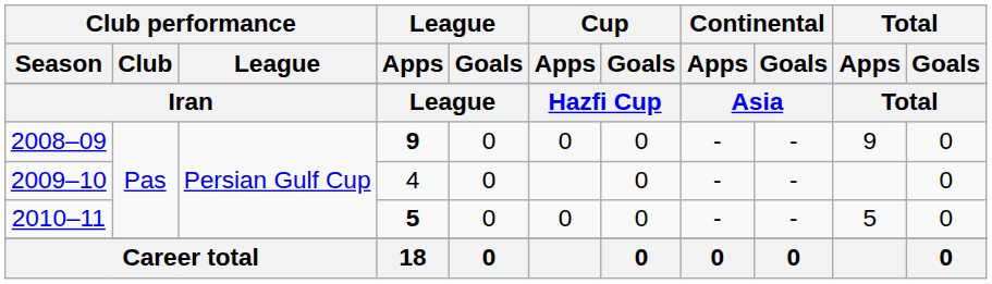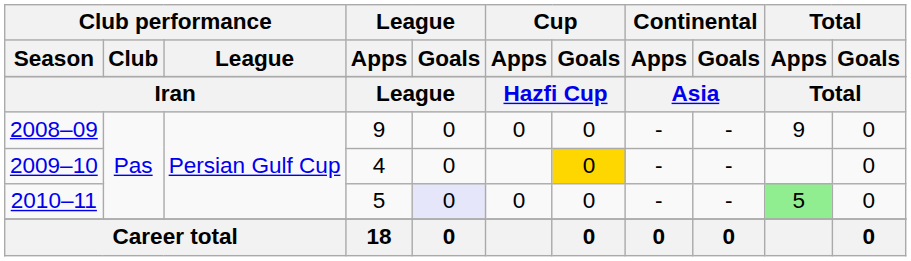 <table class="wikitable" style="text-align:center">
 <tr>
 <th colspan=3>Club performance</th>
 <th colspan=2>League</th>
 <th colspan=2>Cup</th>
 <th colspan=2>Continental</th>
 <th colspan=2>Total</th>
 </tr>
 <tr>
 <th>Season</th>
 <th>Club</th>
 <th>League</th>
 <th>Apps</th>
 <th>Goals</th>
 <th>Apps</th>
 <th>Goals</th>
 <th>Apps</th>
 <th>Goals</th>
 <th>Apps</th>
 <th>Goals</th>
 </tr>
 <tr>
 </tr>
 <tr>
 <th colspan=3>Iran</th>
 <th colspan=2>League</th>
 <th colspan=2><a href='#'>Hazfi Cup</a></th>
 <th colspan=2><a href='#'>Asia</a></th>
 <th colspan=2>Total</th>
 </tr>
 <tr>
 <td><a href='#'>2008–09</a></td>
 <td rowspan="3"><a href='#'>Pas</a></td>
 <td rowspan="3"><a href='#'>Persian Gulf Cup</a></td>
-<td><strong>9</strong></td>
+<td>9</td>
 <td>0</td>
 <td>0</td>
 <td>0</td>
 <td>-</td>
 <td>-</td>
 <td>9</td>
 <td>0</td>
 </tr>
 <tr>
 <td><a href='#'>2009–10</a></td>
 <td>4</td>
 <td>0</td>
 <td></td>
-<td>0</td>
+<td style="background: gold;">0</td>
 <td>-</td>
 <td>-</td>
 <td></td>
 <td>0</td>
 </tr>
 <tr>
 <td><a href='#'>2010–11</a></td>
-<td><strong>5</strong></td>
-<td>0</td>
+<td>5</td>
+<td style="background: lavender;">0</td>
 <td>0</td>
 <td>0</td>
 <td>-</td>
 <td>-</td>
-<td>5</td>
+<td style="background: lightgreen;">5</td>
 <td>0</td>
 </tr>
 <tr>
 </tr>
 <tr>
 <th colspan=3>Career total</th>
 <th>18</th>
 <th>0</th>
 <th></th>
 <th>0</th>
 <th>0</th>
 <th>0</th>
 <th></th>
 <th>0</th>
 </tr>
 </table>
